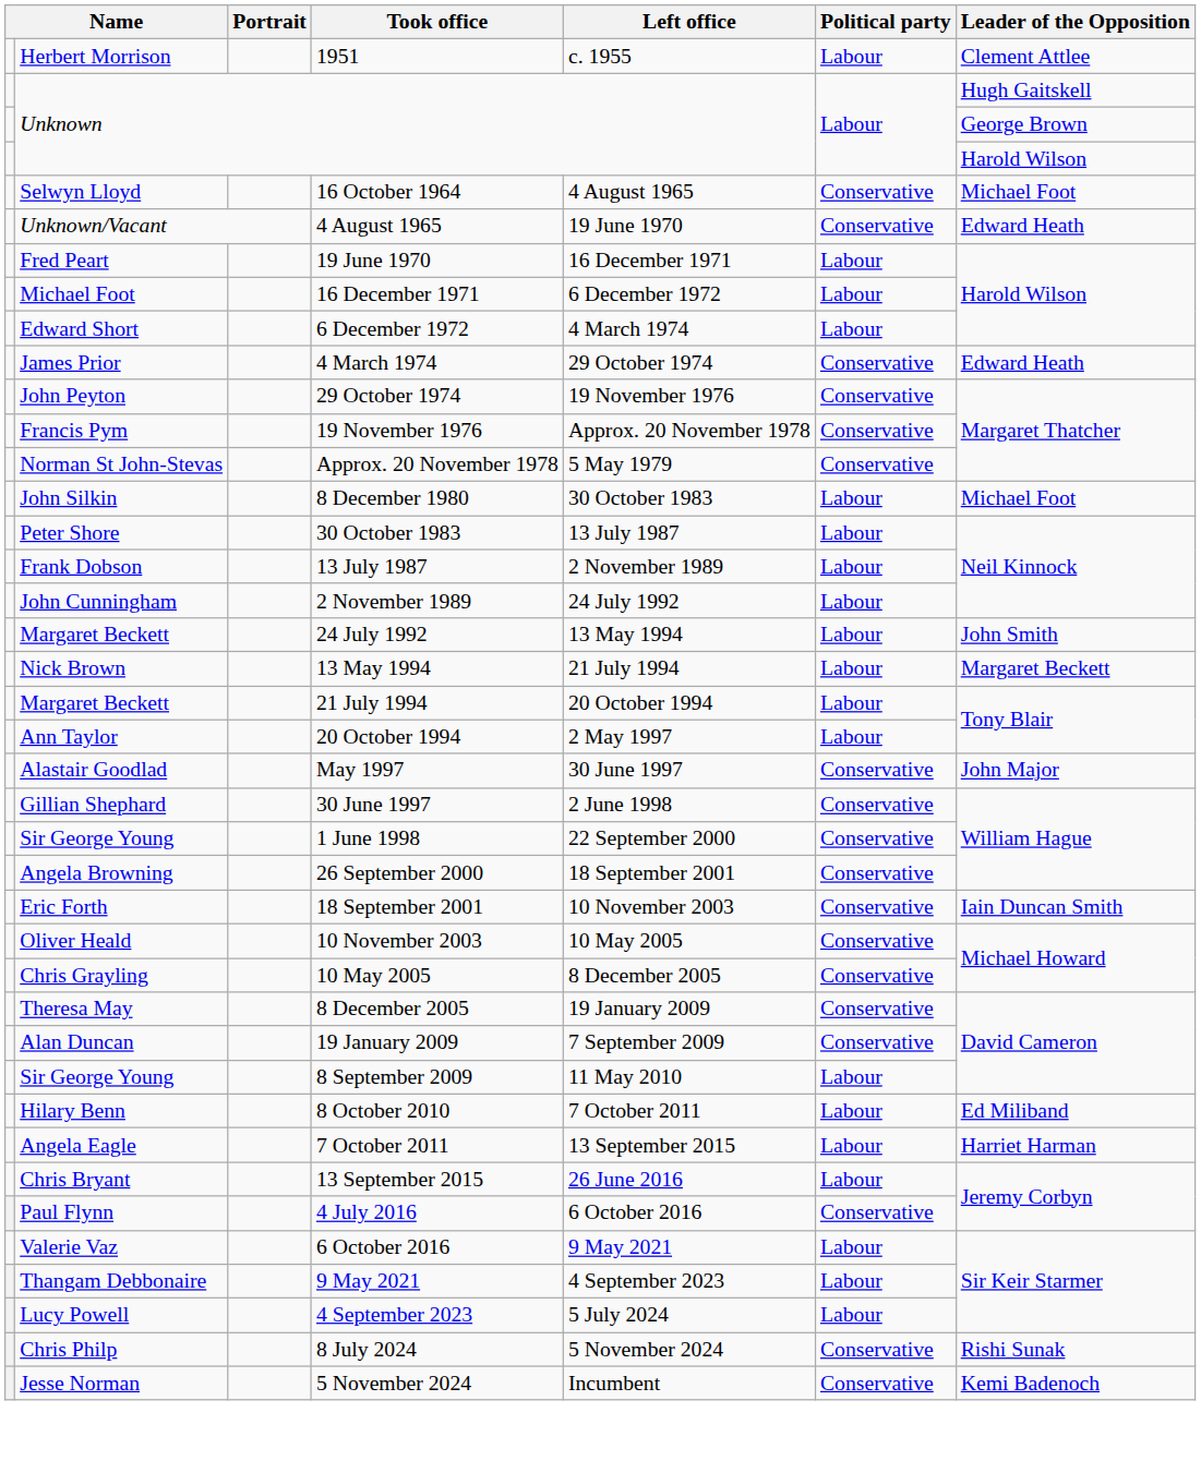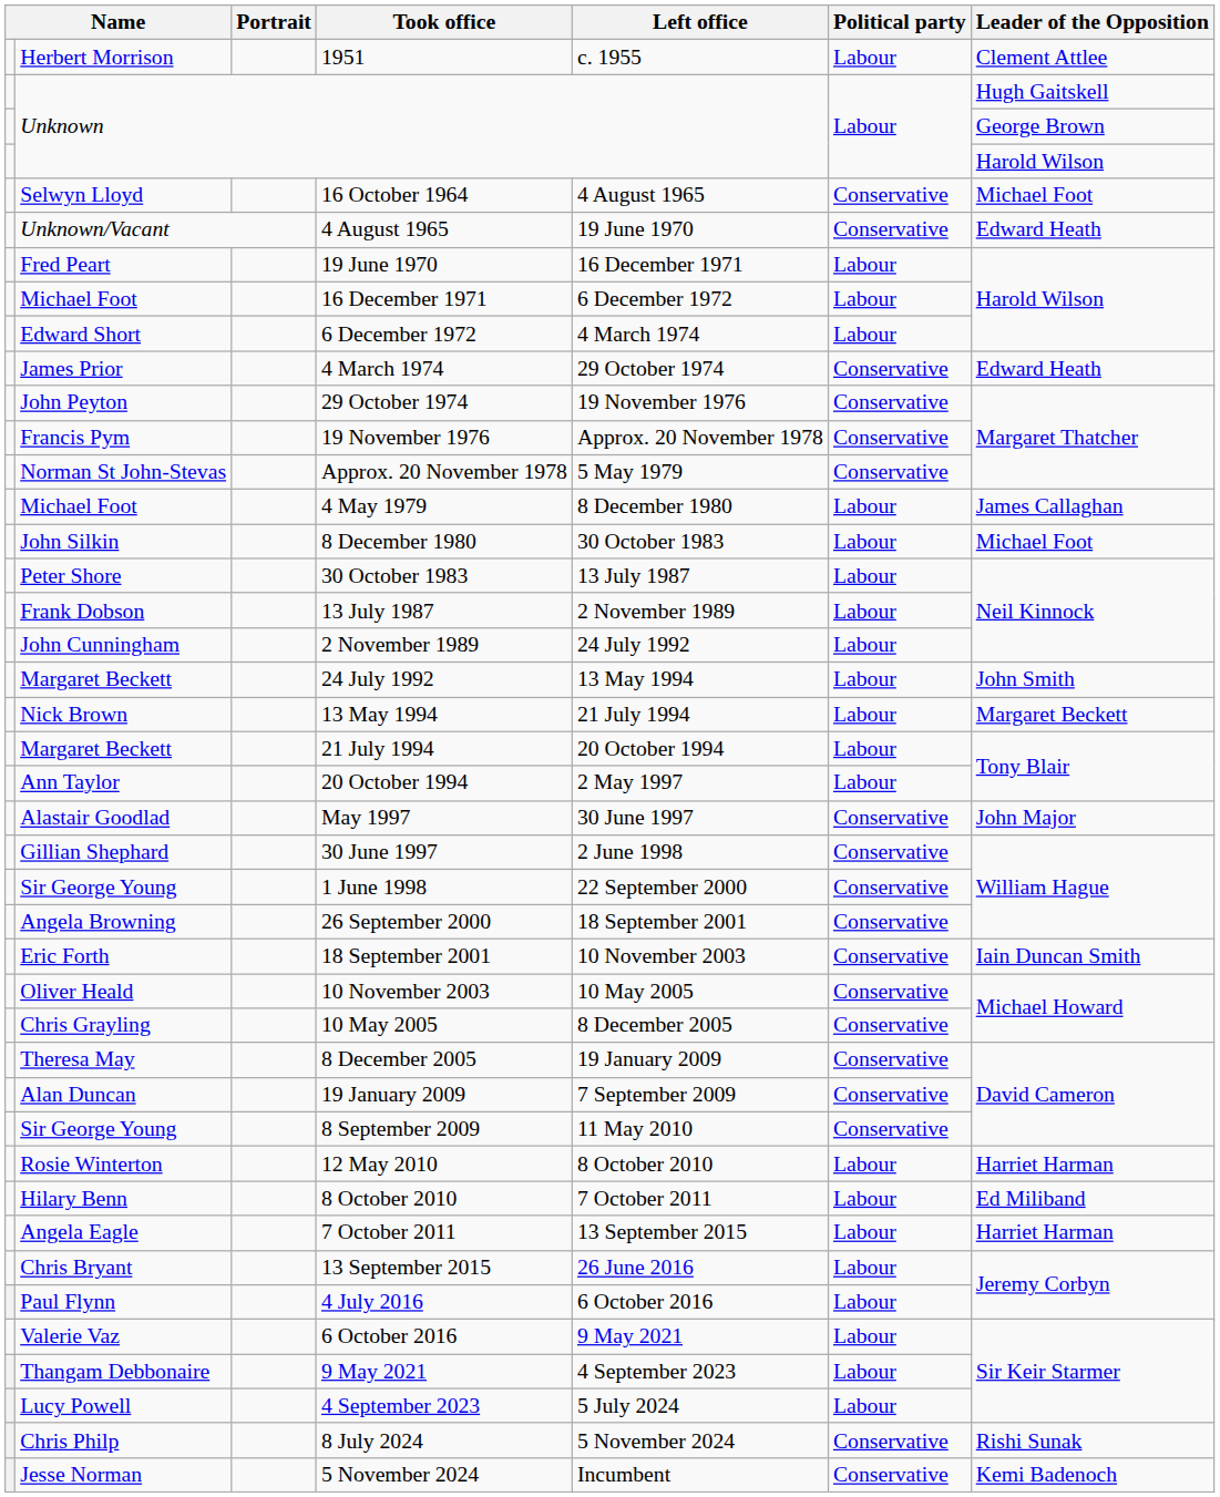 <table class="wikitable sortable sticky-header-multi" style=text-align:center" style="margin:1em auto;">
 <tr>
 <th colspan="2">Name</th>
 <th>Portrait</th>
 <th>Took office</th>
 <th>Left office</th>
 <th>Political party</th>
 <th>Leader of the Opposition</th>
 </tr>
 <tr>
 <td style="background-color: "></td>
 <td><a href='#'>Herbert Morrison</a></td>
 <td></td>
 <td>1951</td>
 <td>c. 1955</td>
 <td><a href='#'>Labour</a></td>
 <td><a href='#'>Clement Attlee</a></td>
 </tr>
 <tr>
 <td style="background-color: "></td>
 <td rowspan=3 colspan=4><em>Unknown</em></td>
 <td rowspan=3><a href='#'>Labour</a></td>
 <td><a href='#'>Hugh Gaitskell</a></td>
 </tr>
 <tr>
 <td style="background-color: "></td>
 <td><a href='#'>George Brown</a></td>
 </tr>
 <tr>
 <td style="background-color: "></td>
 <td><a href='#'>Harold Wilson</a></td>
 </tr>
 <tr>
 <td style="background-color: "></td>
 <td><a href='#'>Selwyn Lloyd</a></td>
 <td></td>
 <td>16 October 1964</td>
 <td>4 August 1965</td>
 <td><a href='#'>Conservative</a></td>
 <td><a href='#'>Michael Foot</a></td>
 </tr>
 <tr>
 <td style="background-color: "></td>
 <td colspan=2><em>Unknown/Vacant</em></td>
 <td>4 August 1965</td>
 <td>19 June 1970</td>
 <td><a href='#'>Conservative</a></td>
 <td><a href='#'>Edward Heath</a></td>
 </tr>
 <tr>
 <td style="background-color: "></td>
 <td><a href='#'>Fred Peart</a></td>
 <td></td>
 <td>19 June 1970</td>
 <td>16 December 1971</td>
 <td><a href='#'>Labour</a></td>
 <td rowspan=3><a href='#'>Harold Wilson</a></td>
 </tr>
 <tr>
 <td style="background-color: "></td>
 <td><a href='#'>Michael Foot</a></td>
 <td></td>
 <td>16 December 1971</td>
 <td>6 December 1972</td>
 <td><a href='#'>Labour</a></td>
 </tr>
 <tr>
 <td style="background-color: "></td>
 <td><a href='#'>Edward Short</a></td>
 <td></td>
 <td>6 December 1972</td>
 <td>4 March 1974</td>
 <td><a href='#'>Labour</a></td>
 </tr>
 <tr>
 <td style="background-color: "></td>
 <td><a href='#'>James Prior</a></td>
 <td></td>
 <td>4 March 1974</td>
 <td>29 October 1974</td>
 <td><a href='#'>Conservative</a></td>
 <td rowspan=2><a href='#'>Edward Heath</a></td>
 </tr>
 <tr>
 <td rowspan=2 style="background-color: "></td>
 <td rowspan=2><a href='#'>John Peyton</a></td>
 <td rowspan=2></td>
 <td rowspan=2>29 October 1974</td>
 <td rowspan=2>19 November 1976</td>
 <td rowspan=2><a href='#'>Conservative</a></td>
 </tr>
 <tr>
 <td rowspan=3><a href='#'>Margaret Thatcher</a></td>
 </tr>
 <tr>
 <td style="background-color: "></td>
 <td><a href='#'>Francis Pym</a></td>
 <td></td>
 <td>19 November 1976</td>
 <td>Approx. 20 November 1978</td>
 <td><a href='#'>Conservative</a></td>
 </tr>
 <tr>
 <td style="background-color: "></td>
 <td><a href='#'>Norman St John-Stevas</a></td>
 <td></td>
 <td>Approx. 20 November 1978</td>
 <td>5 May 1979</td>
 <td><a href='#'>Conservative</a></td>
+</tr>
+<tr>
+<td style="background-color: "></td>
+<td><a href='#'>Michael Foot</a></td>
+<td></td>
+<td>4 May 1979</td>
+<td>8 December 1980</td>
+<td><a href='#'>Labour</a></td>
+<td><a href='#'>James Callaghan</a></td>
 </tr>
 <tr>
 <td style="background-color: "></td>
 <td><a href='#'>John Silkin</a></td>
 <td></td>
 <td>8 December 1980</td>
 <td>30 October 1983</td>
 <td><a href='#'>Labour</a></td>
 <td><a href='#'>Michael Foot</a></td>
 </tr>
 <tr>
 <td style="background-color: "></td>
 <td><a href='#'>Peter Shore</a></td>
 <td></td>
 <td>30 October 1983</td>
 <td>13 July 1987</td>
 <td><a href='#'>Labour</a></td>
 <td rowspan=3><a href='#'>Neil Kinnock</a></td>
 </tr>
 <tr>
 <td style="background-color: "></td>
 <td><a href='#'>Frank Dobson</a></td>
 <td></td>
 <td>13 July 1987</td>
 <td>2 November 1989</td>
 <td><a href='#'>Labour</a></td>
 </tr>
 <tr>
 <td style="background-color: "></td>
 <td><a href='#'>John Cunningham</a></td>
 <td></td>
 <td>2 November 1989</td>
 <td>24 July 1992</td>
 <td><a href='#'>Labour</a></td>
 </tr>
 <tr>
 <td style="background-color: "></td>
 <td><a href='#'>Margaret Beckett</a></td>
 <td></td>
 <td>24 July 1992</td>
 <td>13 May 1994</td>
 <td><a href='#'>Labour</a></td>
 <td><a href='#'>John Smith</a></td>
 </tr>
 <tr>
 <td style="background-color: "></td>
 <td><a href='#'>Nick Brown</a><br></td>
 <td></td>
 <td>13 May 1994</td>
 <td>21 July 1994</td>
 <td><a href='#'>Labour</a></td>
 <td><a href='#'>Margaret Beckett</a></td>
 </tr>
 <tr>
 <td style="background-color: "></td>
 <td><a href='#'>Margaret Beckett</a></td>
 <td></td>
 <td>21 July 1994</td>
 <td>20 October 1994</td>
 <td><a href='#'>Labour</a></td>
 <td rowspan=2><a href='#'>Tony Blair</a></td>
 </tr>
 <tr>
 <td style="background-color: "></td>
 <td><a href='#'>Ann Taylor</a></td>
 <td></td>
 <td>20 October 1994</td>
 <td>2 May 1997</td>
 <td><a href='#'>Labour</a></td>
 </tr>
 <tr>
 <td style="background-color: "></td>
 <td><a href='#'>Alastair Goodlad</a></td>
 <td></td>
 <td>May 1997</td>
 <td>30 June 1997</td>
 <td><a href='#'>Conservative</a></td>
 <td><a href='#'>John Major</a></td>
 </tr>
 <tr>
 <td style="background-color: "></td>
 <td><a href='#'>Gillian Shephard</a></td>
 <td></td>
 <td>30 June 1997</td>
 <td>2 June 1998</td>
 <td><a href='#'>Conservative</a></td>
 <td rowspan=3><a href='#'>William Hague</a></td>
 </tr>
 <tr>
 <td style="background-color: "></td>
 <td><a href='#'>Sir George Young</a></td>
 <td></td>
 <td>1 June 1998</td>
 <td>22 September 2000</td>
 <td><a href='#'>Conservative</a></td>
 </tr>
 <tr>
 <td style="background-color: "></td>
 <td><a href='#'>Angela Browning</a></td>
 <td></td>
 <td>26 September 2000 </td>
 <td>18 September 2001</td>
 <td><a href='#'>Conservative</a></td>
 </tr>
 <tr>
 <td style="background-color: "></td>
 <td><a href='#'>Eric Forth</a></td>
 <td></td>
 <td>18 September 2001</td>
 <td>10 November 2003</td>
 <td><a href='#'>Conservative</a></td>
 <td><a href='#'>Iain Duncan Smith</a></td>
 </tr>
 <tr>
 <td style="background-color: "></td>
 <td><a href='#'>Oliver Heald</a></td>
 <td></td>
 <td>10 November 2003</td>
 <td>10 May 2005</td>
 <td><a href='#'>Conservative</a></td>
 <td rowspan=2><a href='#'>Michael Howard</a></td>
 </tr>
 <tr>
 <td style="background-color: "></td>
 <td><a href='#'>Chris Grayling</a></td>
 <td></td>
 <td>10 May 2005</td>
 <td>8 December 2005</td>
 <td><a href='#'>Conservative</a></td>
 </tr>
 <tr>
 <td style="background-color: "></td>
 <td><a href='#'>Theresa May</a></td>
 <td></td>
 <td>8 December 2005</td>
 <td>19 January 2009</td>
 <td><a href='#'>Conservative</a></td>
 <td rowspan=3><a href='#'>David Cameron</a></td>
 </tr>
 <tr>
 <td style="background-color: "></td>
 <td><a href='#'>Alan Duncan</a></td>
 <td></td>
 <td>19 January 2009</td>
 <td>7 September 2009</td>
 <td><a href='#'>Conservative</a></td>
 </tr>
 <tr>
 <td style="background-color: "></td>
 <td><a href='#'>Sir George Young</a></td>
 <td></td>
 <td>8 September 2009</td>
 <td>11 May 2010</td>
+<td><a href='#'>Conservative</a></td>
+</tr>
+<tr>
+<td style="background-color: "></td>
+<td><a href='#'>Rosie Winterton</a></td>
+<td></td>
+<td>12 May 2010</td>
+<td>8 October 2010</td>
 <td><a href='#'>Labour</a></td>
+<td><a href='#'>Harriet Harman</a></td>
 </tr>
 <tr>
 <td style="background-color: "></td>
 <td><a href='#'>Hilary Benn</a></td>
 <td></td>
 <td>8 October 2010</td>
 <td>7 October 2011</td>
 <td><a href='#'>Labour</a></td>
 <td rowspan=2><a href='#'>Ed Miliband</a></td>
 </tr>
 <tr>
 <td rowspan=2 style="background-color: "></td>
 <td rowspan=2><a href='#'>Angela Eagle</a></td>
 <td rowspan=2></td>
 <td rowspan=2>7 October 2011</td>
 <td rowspan=2>13 September 2015</td>
 <td rowspan=2><a href='#'>Labour</a></td>
 </tr>
 <tr>
 <td><a href='#'>Harriet Harman</a></td>
 </tr>
 <tr>
 <td style="background-color: "></td>
 <td><a href='#'>Chris Bryant</a></td>
 <td></td>
 <td>13 September 2015</td>
 <td><a href='#'>26 June 2016</a></td>
 <td><a href='#'>Labour</a></td>
 <td rowspan=3><a href='#'>Jeremy Corbyn</a></td>
 </tr>
 <tr>
 <th style="background-color: "></th>
 <td><a href='#'>Paul Flynn</a></td>
 <td></td>
 <td><a href='#'>4 July 2016</a></td>
 <td>6 October 2016</td>
-<td><a href='#'>Conservative</a></td>
+<td><a href='#'>Labour</a></td>
 </tr>
 <tr>
 <td rowspan=2 style="background-color: "></td>
 <td rowspan=2><a href='#'>Valerie Vaz</a></td>
 <td rowspan=2></td>
 <td rowspan=2>6 October 2016</td>
 <td rowspan=2><a href='#'>9 May 2021</a></td>
 <td rowspan=2><a href='#'>Labour</a></td>
 </tr>
 <tr>
 <td rowspan=3><a href='#'>Sir Keir Starmer</a></td>
 </tr>
 <tr>
 <th style="background-color: "></th>
 <td><a href='#'>Thangam Debbonaire</a></td>
 <td></td>
 <td><a href='#'>9 May 2021</a></td>
 <td>4 September 2023</td>
 <td><a href='#'>Labour</a></td>
 </tr>
 <tr>
 <th style="background-color: "></th>
 <td><a href='#'>Lucy Powell</a></td>
 <td></td>
 <td><a href='#'>4 September 2023</a></td>
 <td>5 July 2024</td>
 <td><a href='#'>Labour</a></td>
 </tr>
 <tr>
 <th style="background-color: "></th>
 <td><a href='#'>Chris Philp</a></td>
 <td></td>
 <td>8 July 2024</td>
 <td>5 November 2024</td>
 <td><a href='#'>Conservative</a></td>
 <td><a href='#'>Rishi Sunak</a></td>
 </tr>
 <tr>
 <th style="background-color: "></th>
 <td><a href='#'>Jesse Norman</a></td>
 <td></td>
 <td>5 November 2024</td>
 <td>Incumbent</td>
 <td><a href='#'>Conservative</a></td>
 <td><a href='#'>Kemi Badenoch</a></td>
 </tr>
 </table>
